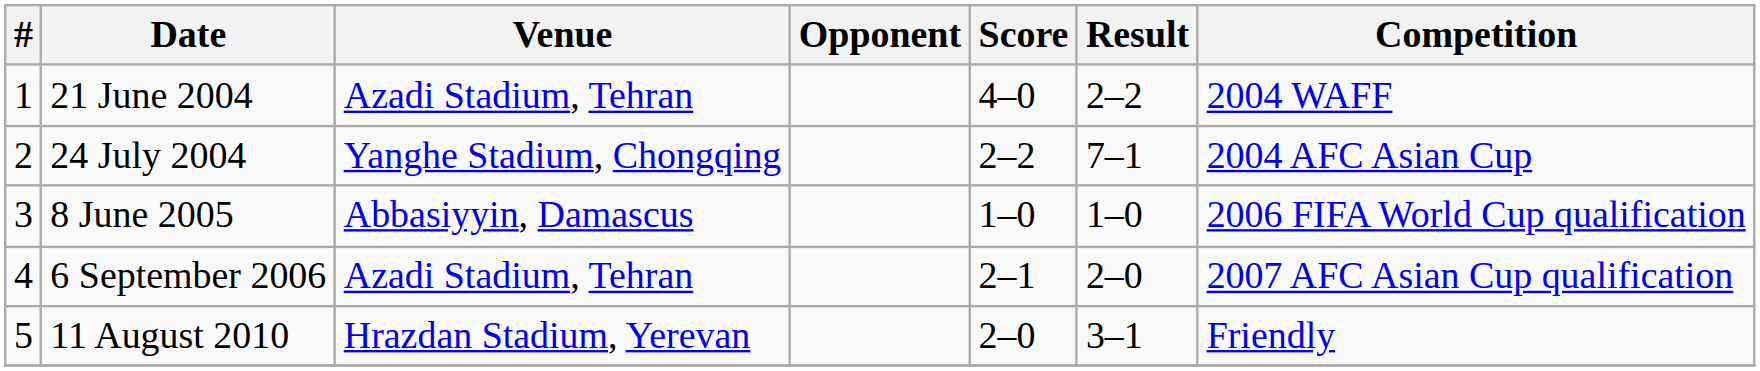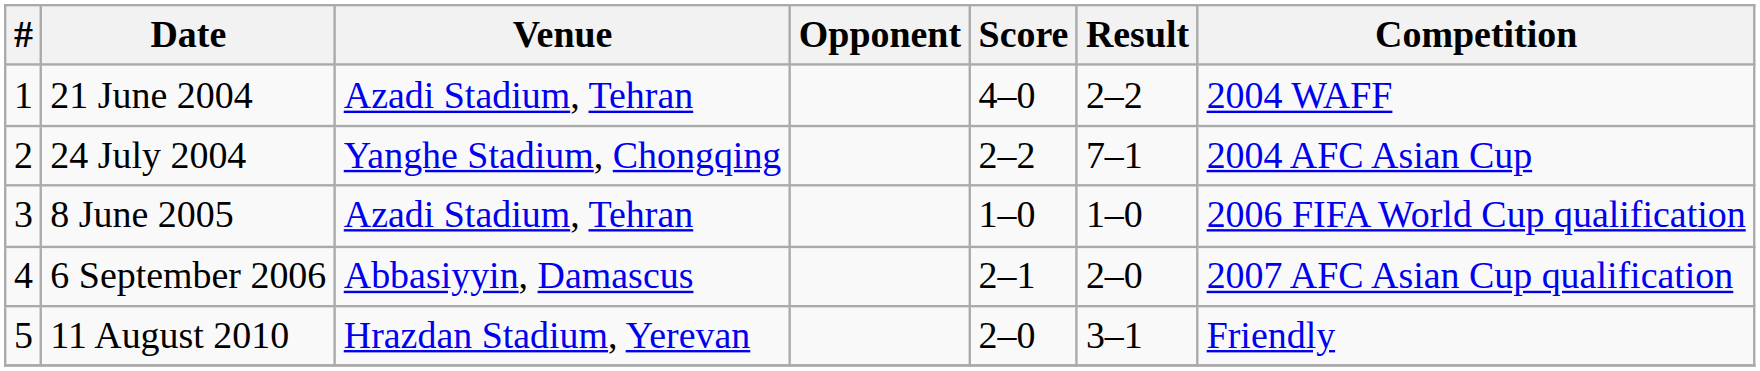 <table class="wikitable">
 <tr>
 <th>#</th>
 <th>Date</th>
 <th>Venue</th>
 <th>Opponent</th>
 <th>Score</th>
 <th>Result</th>
 <th>Competition</th>
 </tr>
 <tr>
 <td>1</td>
 <td>21 June 2004</td>
 <td><a href='#'>Azadi Stadium</a>, <a href='#'>Tehran</a></td>
 <td></td>
 <td>4–0</td>
 <td>2–2</td>
 <td><a href='#'>2004 WAFF</a></td>
 </tr>
 <tr>
 <td>2</td>
 <td>24 July 2004</td>
 <td><a href='#'>Yanghe Stadium</a>, <a href='#'>Chongqing</a></td>
 <td></td>
 <td>2–2</td>
 <td>7–1</td>
 <td><a href='#'>2004 AFC Asian Cup</a></td>
 </tr>
 <tr>
 <td>3</td>
 <td>8 June 2005</td>
-<td><a href='#'>Abbasiyyin</a>, <a href='#'>Damascus</a></td>
+<td><a href='#'>Azadi Stadium</a>, <a href='#'>Tehran</a></td>
 <td></td>
 <td>1–0</td>
 <td>1–0</td>
 <td><a href='#'>2006 FIFA World Cup qualification</a></td>
 </tr>
 <tr>
 <td>4</td>
 <td>6 September 2006</td>
-<td><a href='#'>Azadi Stadium</a>, <a href='#'>Tehran</a></td>
+<td><a href='#'>Abbasiyyin</a>, <a href='#'>Damascus</a></td>
 <td></td>
 <td>2–1</td>
 <td>2–0</td>
 <td><a href='#'>2007 AFC Asian Cup qualification</a></td>
 </tr>
 <tr>
 <td>5</td>
 <td>11 August 2010</td>
 <td><a href='#'>Hrazdan Stadium</a>, <a href='#'>Yerevan</a></td>
 <td></td>
 <td>2–0</td>
 <td>3–1</td>
 <td><a href='#'>Friendly</a></td>
 </tr>
 <tr>
 </tr>
 </table>
